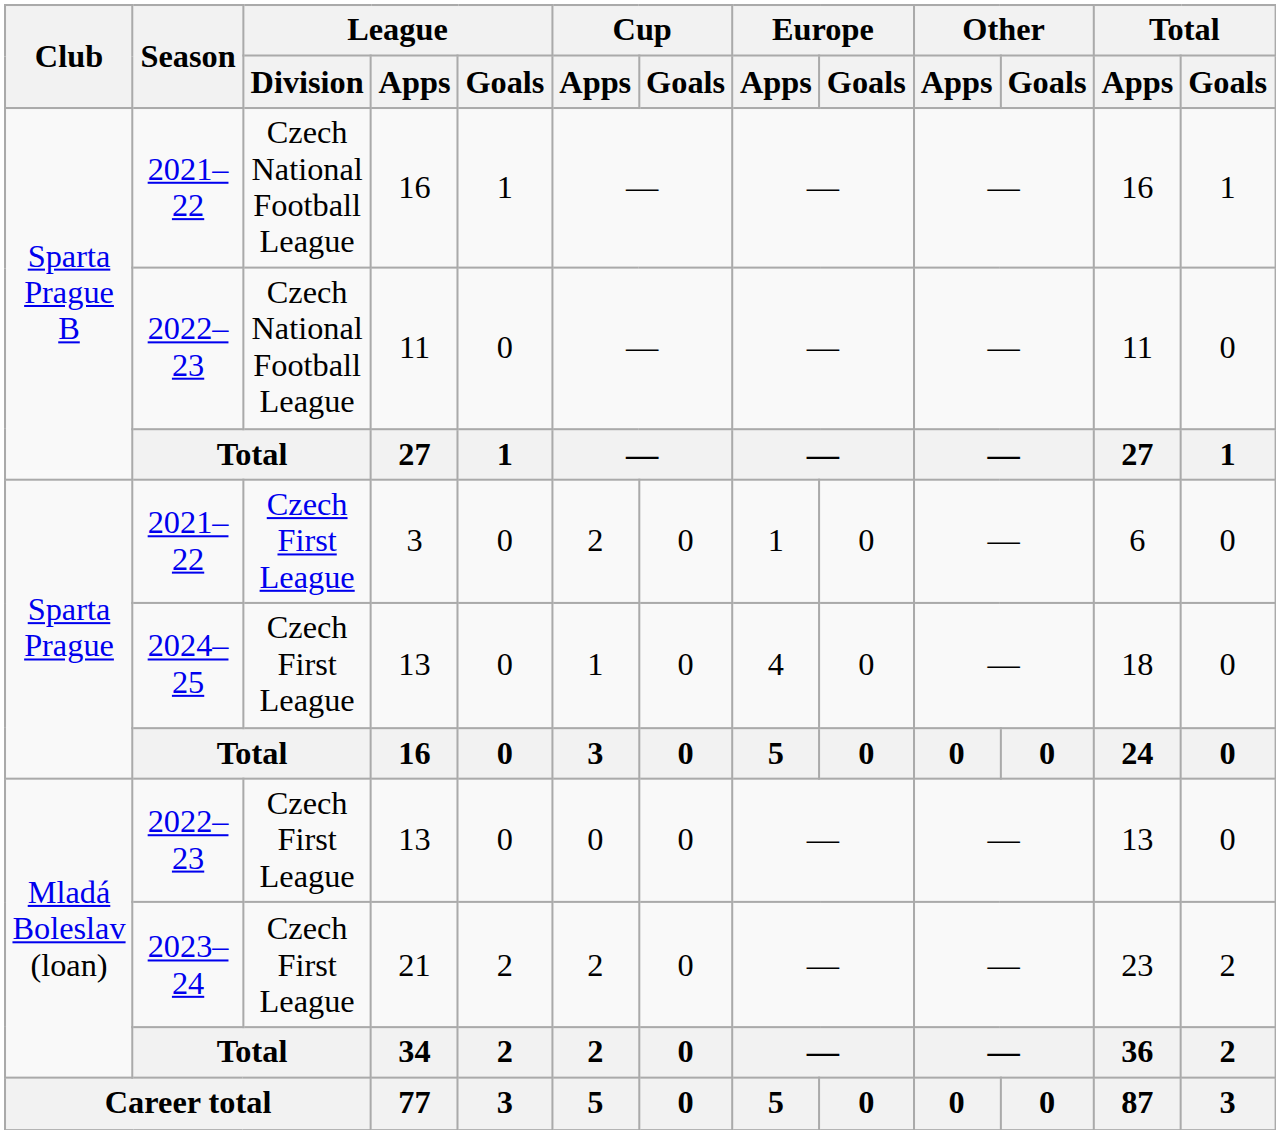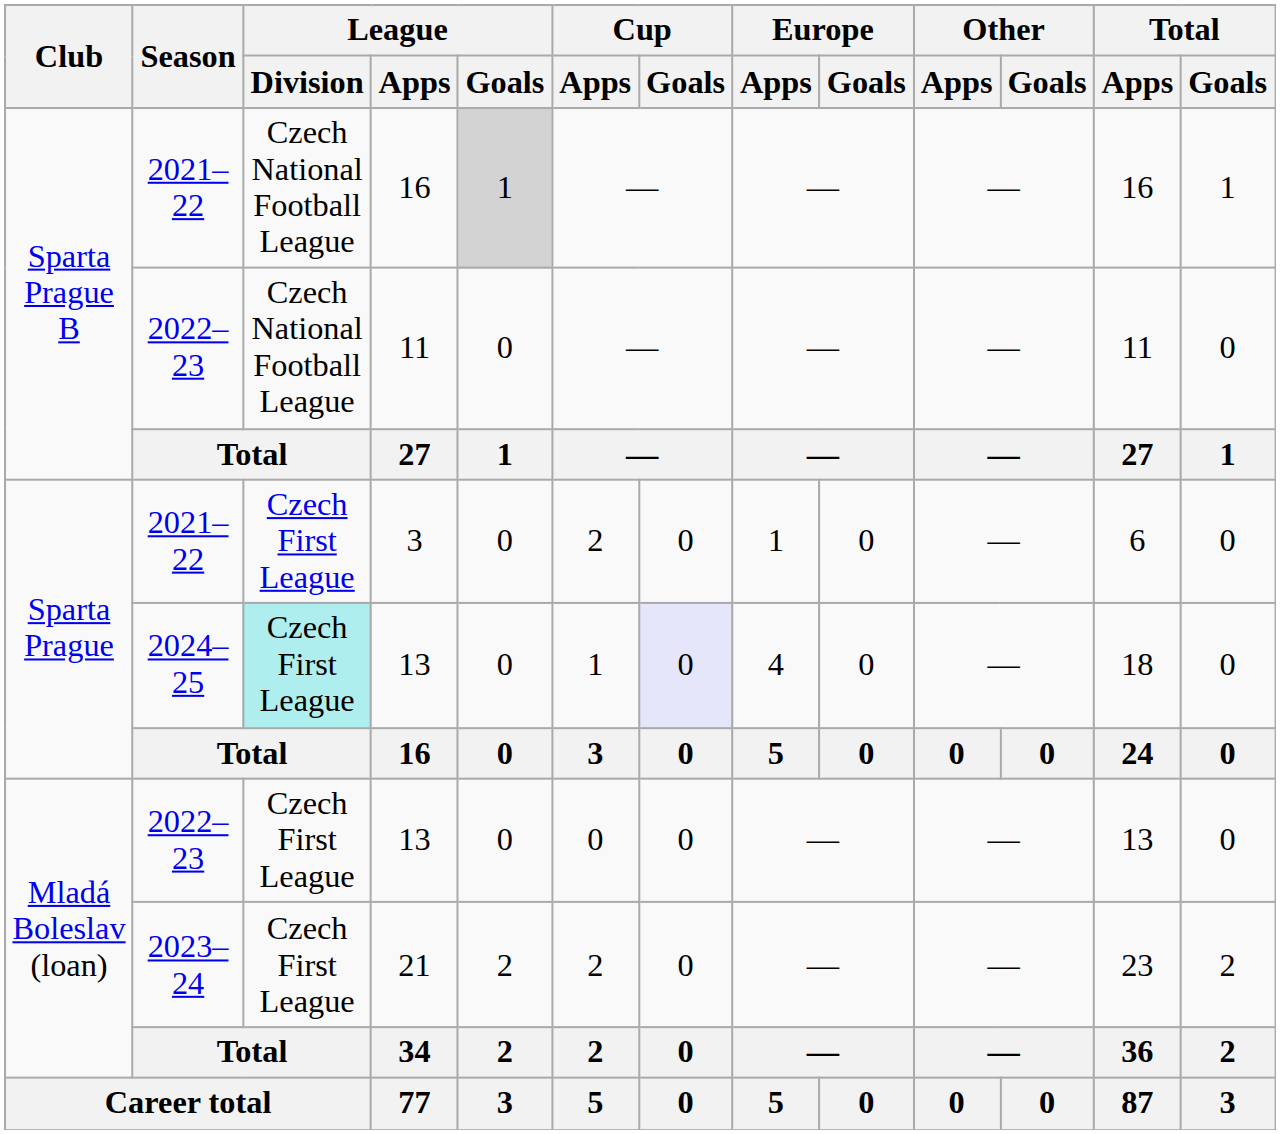 <table class="wikitable" style="text-align: center">
 <tr>
 <th rowspan="2">Club</th>
 <th rowspan="2">Season</th>
 <th colspan="3">League</th>
 <th colspan="2">Cup</th>
 <th colspan="2">Europe</th>
 <th colspan="2">Other</th>
 <th colspan="2">Total</th>
 </tr>
 <tr>
 <th>Division</th>
 <th>Apps</th>
 <th>Goals</th>
 <th>Apps</th>
 <th>Goals</th>
 <th>Apps</th>
 <th>Goals</th>
 <th>Apps</th>
 <th>Goals</th>
 <th>Apps</th>
 <th>Goals</th>
 </tr>
 <tr>
 <td rowspan="3"><a href='#'>Sparta Prague B</a></td>
 <td><a href='#'>2021–22</a></td>
 <td>Czech National Football League</td>
 <td>16</td>
-<td>1</td>
+<td style="background: lightgrey;">1</td>
 <td colspan="2">—</td>
 <td colspan="2">—</td>
 <td colspan="2">—</td>
 <td>16</td>
 <td>1</td>
 </tr>
 <tr>
 <td><a href='#'>2022–23</a></td>
 <td>Czech National Football League</td>
 <td>11</td>
 <td>0</td>
 <td colspan="2">—</td>
 <td colspan="2">—</td>
 <td colspan="2">—</td>
 <td>11</td>
 <td>0</td>
 </tr>
 <tr>
 <th colspan="2">Total</th>
 <th>27</th>
 <th>1</th>
 <th colspan="2">—</th>
 <th colspan="2">—</th>
 <th colspan="2">—</th>
 <th>27</th>
 <th>1</th>
 </tr>
 <tr>
 <td rowspan="3"><a href='#'>Sparta Prague</a></td>
 <td><a href='#'>2021–22</a></td>
 <td><a href='#'>Czech First League</a></td>
 <td>3</td>
 <td>0</td>
 <td>2</td>
 <td>0</td>
 <td>1</td>
 <td>0</td>
 <td colspan="2">—</td>
 <td>6</td>
 <td>0</td>
 </tr>
 <tr>
 <td><a href='#'>2024–25</a></td>
-<td>Czech First League</td>
+<td style="background: paleturquoise;">Czech First League</td>
 <td>13</td>
 <td>0</td>
 <td>1</td>
-<td>0</td>
+<td style="background: lavender;">0</td>
 <td>4</td>
 <td>0</td>
 <td colspan="2">—</td>
 <td>18</td>
 <td>0</td>
 </tr>
 <tr>
 <th colspan="2">Total</th>
 <th>16</th>
 <th>0</th>
 <th>3</th>
 <th>0</th>
 <th>5</th>
 <th>0</th>
 <th>0</th>
 <th>0</th>
 <th>24</th>
 <th>0</th>
 </tr>
 <tr>
 <td rowspan="3"><a href='#'>Mladá Boleslav</a> (loan)</td>
 <td><a href='#'>2022–23</a></td>
 <td>Czech First League</td>
 <td>13</td>
 <td>0</td>
 <td>0</td>
 <td>0</td>
 <td colspan="2">—</td>
 <td colspan="2">—</td>
 <td>13</td>
 <td>0</td>
 </tr>
 <tr>
 <td><a href='#'>2023–24</a></td>
 <td>Czech First League</td>
 <td>21</td>
 <td>2</td>
 <td>2</td>
 <td>0</td>
 <td colspan="2">—</td>
 <td colspan="2">—</td>
 <td>23</td>
 <td>2</td>
 </tr>
 <tr>
 <th colspan="2">Total</th>
 <th>34</th>
 <th>2</th>
 <th>2</th>
 <th>0</th>
 <th colspan="2">—</th>
 <th colspan="2">—</th>
 <th>36</th>
 <th>2</th>
 </tr>
 <tr>
 <th colspan="3">Career total</th>
 <th>77</th>
 <th>3</th>
 <th>5</th>
 <th>0</th>
 <th>5</th>
 <th>0</th>
 <th>0</th>
 <th>0</th>
 <th>87</th>
 <th>3</th>
 </tr>
 </table>
